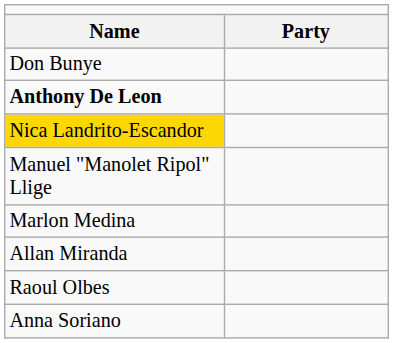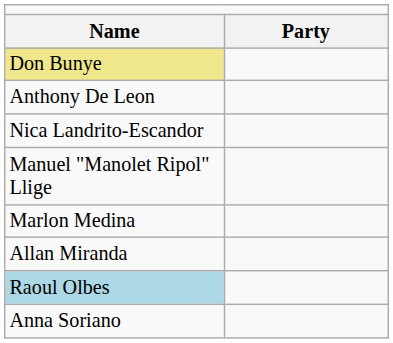 <table class=wikitable style="font-size:90%">
 <tr>
 <td colspan=4 bgcolor=></td>
 </tr>
 <tr>
 <th width=150px>Name</th>
 <th colspan=2 width=110px>Party</th>
 </tr>
 <tr>
-<td>Don Bunye</td>
+<td style="background: khaki;">Don Bunye</td>
 <td></td>
 </tr>
 <tr>
-<td><strong>Anthony De Leon</strong></td>
+<td>Anthony De Leon</td>
 <td></td>
 </tr>
 <tr>
-<td style="background: gold;">Nica Landrito-Escandor</td>
+<td>Nica Landrito-Escandor</td>
 <td></td>
 </tr>
 <tr>
 <td>Manuel "Manolet Ripol" Llige</td>
 <td></td>
 </tr>
 <tr>
 <td>Marlon Medina</td>
 <td></td>
 </tr>
 <tr>
 <td>Allan Miranda</td>
 <td></td>
 </tr>
 <tr>
-<td>Raoul Olbes</td>
+<td style="background: lightblue;">Raoul Olbes</td>
 <td></td>
 </tr>
 <tr>
 <td>Anna Soriano</td>
 <td></td>
 </tr>
 </table>
